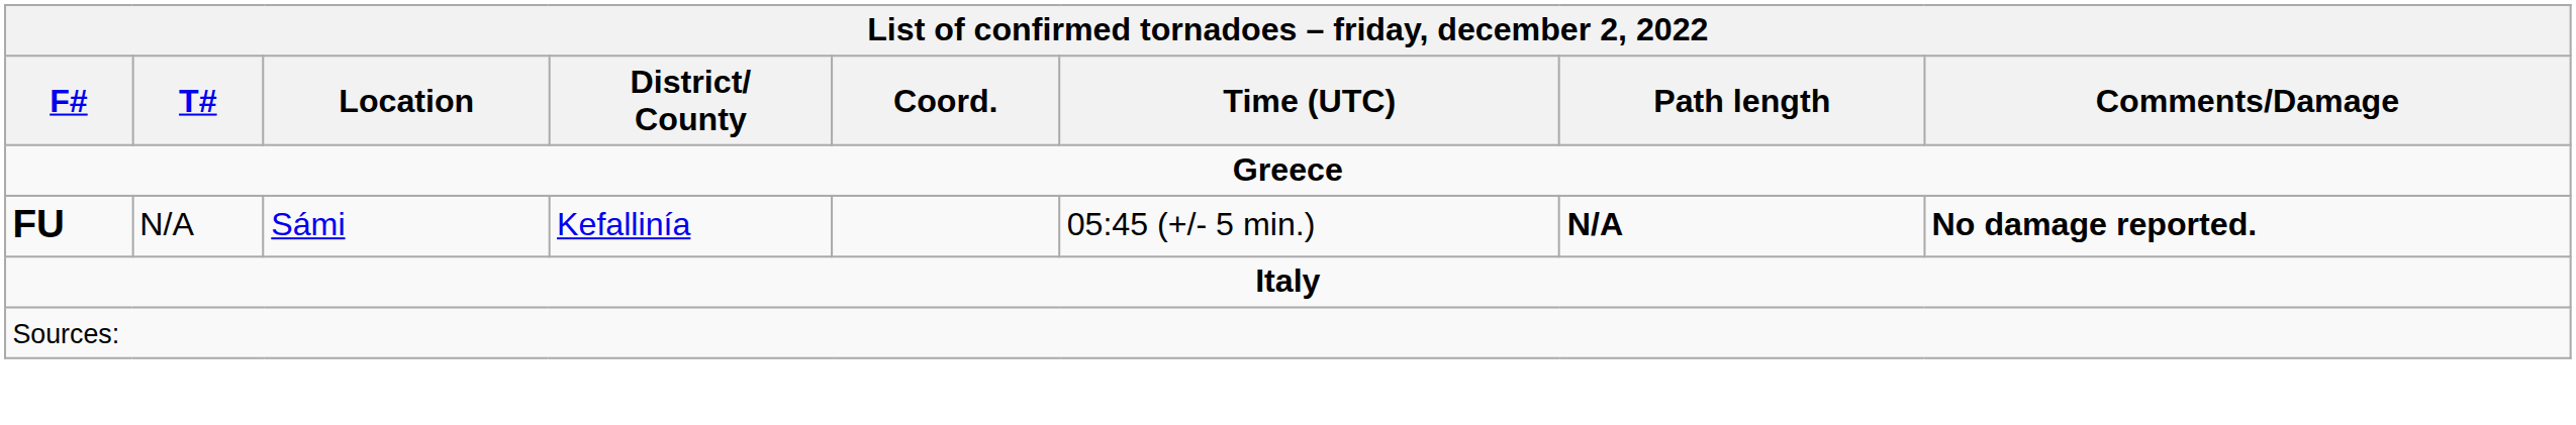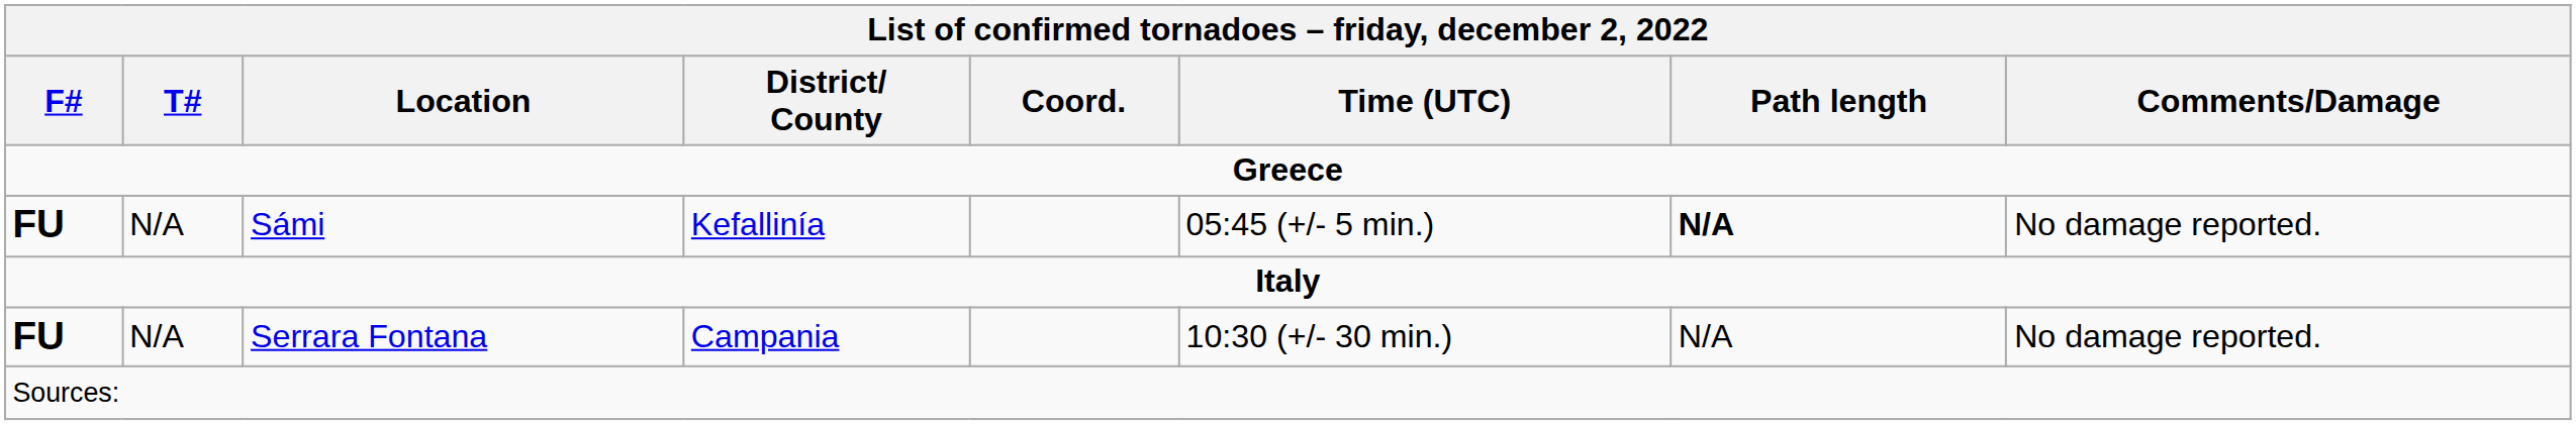 <table class="wikitable collapsible" width="100%">
 <tr>
 <th colspan="8">List of confirmed tornadoes – friday, december 2, 2022</th>
 </tr>
 <tr>
 <th><a href='#'>F#</a></th>
 <th><a href='#'>T#</a></th>
 <th>Location</th>
 <th>District/<br>County</th>
 <th>Coord.</th>
 <th>Time (UTC)</th>
 <th>Path length</th>
 <th>Comments/Damage</th>
 </tr>
 <tr>
 <td colspan="8" align=center><strong>Greece</strong></td>
 </tr>
 <tr>
 <td><big><strong>FU</strong></big></td>
 <td>N/A</td>
 <td><a href='#'>Sámi</a></td>
 <td><a href='#'>Kefallinía</a></td>
 <td></td>
 <td>05:45 (+/- 5 min.)</td>
 <td><strong>N/A</strong></td>
-<td><strong>No damage reported.</strong></td>
+<td>No damage reported.</td>
 </tr>
 <tr>
 <td colspan="8" align=center><strong>Italy</strong></td>
 </tr>
 <tr>
+<td><big><strong>FU</strong></big></td>
+<td>N/A</td>
+<td><a href='#'>Serrara Fontana</a></td>
+<td><a href='#'>Campania</a></td>
+<td></td>
+<td>10:30 (+/- 30 min.)</td>
+<td>N/A</td>
+<td>No damage reported.</td>
+</tr>
+<tr>
 <td colspan="8"><small>Sources:  </small></td>
 </tr>
 </table>
